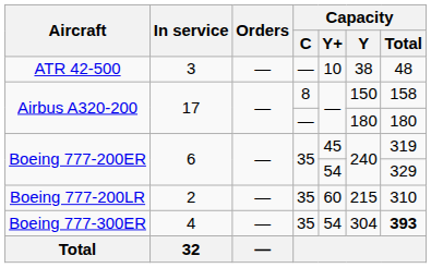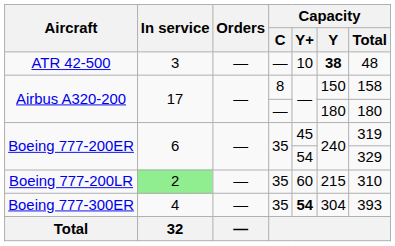 <table class="wikitable" style="border-collapse:collapse;text-align:center; margin: 1em auto;">
 <tr>
 <th rowspan="2">Aircraft</th>
 <th rowspan="2">In service</th>
 <th rowspan="2">Orders</th>
 <th colspan="4">Capacity</th>
 </tr>
 <tr>
 <th><abbr>C</abbr></th>
 <th><abbr>Y+</abbr></th>
 <th><abbr>Y</abbr></th>
 <th>Total</th>
 </tr>
 <tr>
 <td><a href='#'>ATR 42-500</a></td>
 <td>3</td>
 <td>—</td>
 <td>—</td>
 <td>10</td>
-<td>38</td>
+<td><strong>38</strong></td>
 <td>48</td>
 </tr>
 <tr>
 <td rowspan="2"><a href='#'>Airbus A320-200</a></td>
 <td rowspan="2">17</td>
 <td rowspan="2">—</td>
 <td>8</td>
 <td rowspan="2">—</td>
 <td>150</td>
 <td>158</td>
 </tr>
 <tr>
 <td>—</td>
 <td>180</td>
 <td>180</td>
 </tr>
 <tr>
 <td rowspan="2"><a href='#'>Boeing 777-200ER</a></td>
 <td rowspan="2">6</td>
 <td rowspan="2">—</td>
 <td rowspan="2">35</td>
 <td>45</td>
 <td rowspan="2">240</td>
 <td>319</td>
 </tr>
 <tr>
 <td>54</td>
 <td>329</td>
 </tr>
 <tr>
 <td><a href='#'>Boeing 777-200LR</a></td>
-<td>2</td>
+<td style="background: lightgreen;">2</td>
 <td>—</td>
 <td>35</td>
 <td>60</td>
 <td>215</td>
 <td>310</td>
 </tr>
 <tr>
 <td><a href='#'>Boeing 777-300ER</a></td>
 <td>4</td>
 <td>—</td>
 <td>35</td>
-<td>54</td>
+<td><strong>54</strong></td>
 <td>304</td>
-<td><strong>393</strong></td>
+<td>393</td>
 </tr>
 <tr>
 <th>Total</th>
 <th>32</th>
 <th>—</th>
 <th colspan="4"></th>
 </tr>
 </table>
